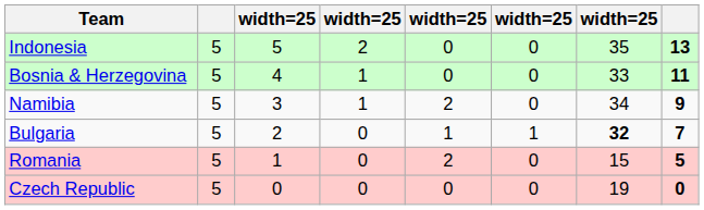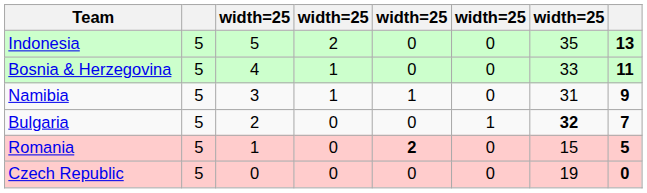 <table class="wikitable sortable" style="text-align: center; ">
 <tr>
 <th width=165>Team</th>
 <th width=25></th>
 <th>width=25</th>
 <th>width=25</th>
 <th>width=25</th>
 <th>width=25</th>
 <th>width=25</th>
 <th width=25></th>
 </tr>
 <tr style="background:#ccffcc;">
 <td style="text-align:left;"> <a href='#'>Indonesia</a></td>
 <td>5</td>
 <td>5</td>
 <td>2</td>
 <td>0</td>
 <td>0</td>
 <td>35</td>
 <td><strong>13</strong></td>
 </tr>
 <tr style="background:#ccffcc;">
 <td style="text-align:left;"> <a href='#'>Bosnia & Herzegovina</a></td>
 <td>5</td>
 <td>4</td>
 <td>1</td>
 <td>0</td>
 <td>0</td>
 <td>33</td>
 <td><strong>11</strong></td>
 </tr>
 <tr>
 <td style="text-align:left;"> <a href='#'>Namibia</a></td>
 <td>5</td>
 <td>3</td>
 <td>1</td>
-<td>2</td>
+<td>1</td>
 <td>0</td>
-<td>34</td>
+<td>31</td>
 <td><strong>9</strong></td>
 </tr>
 <tr>
 <td style="text-align:left;"> <a href='#'>Bulgaria</a></td>
 <td>5</td>
 <td>2</td>
 <td>0</td>
-<td>1</td>
+<td>0</td>
 <td>1</td>
 <td><strong>32</strong></td>
 <td><strong>7</strong></td>
 </tr>
 <tr style="background:#FFCCCC;">
 <td style="text-align:left;"> <a href='#'>Romania</a></td>
 <td>5</td>
 <td>1</td>
 <td>0</td>
-<td>2</td>
+<td><strong>2</strong></td>
 <td>0</td>
 <td>15</td>
 <td><strong>5</strong></td>
 </tr>
 <tr style="background:#FFCCCC;">
 <td style="text-align:left;"> <a href='#'>Czech Republic</a></td>
 <td>5</td>
 <td>0</td>
 <td>0</td>
 <td>0</td>
 <td>0</td>
 <td>19</td>
 <td><strong>0</strong></td>
 </tr>
 </table>
